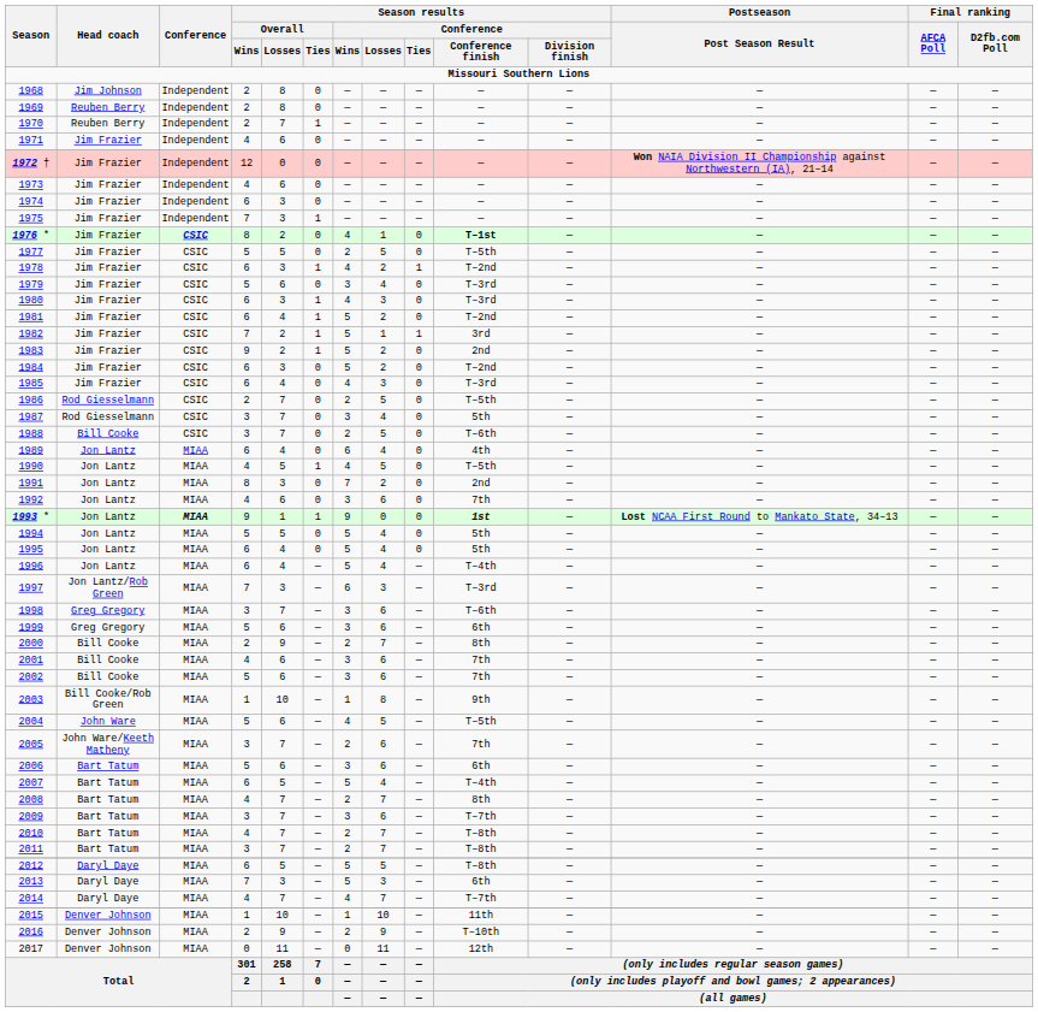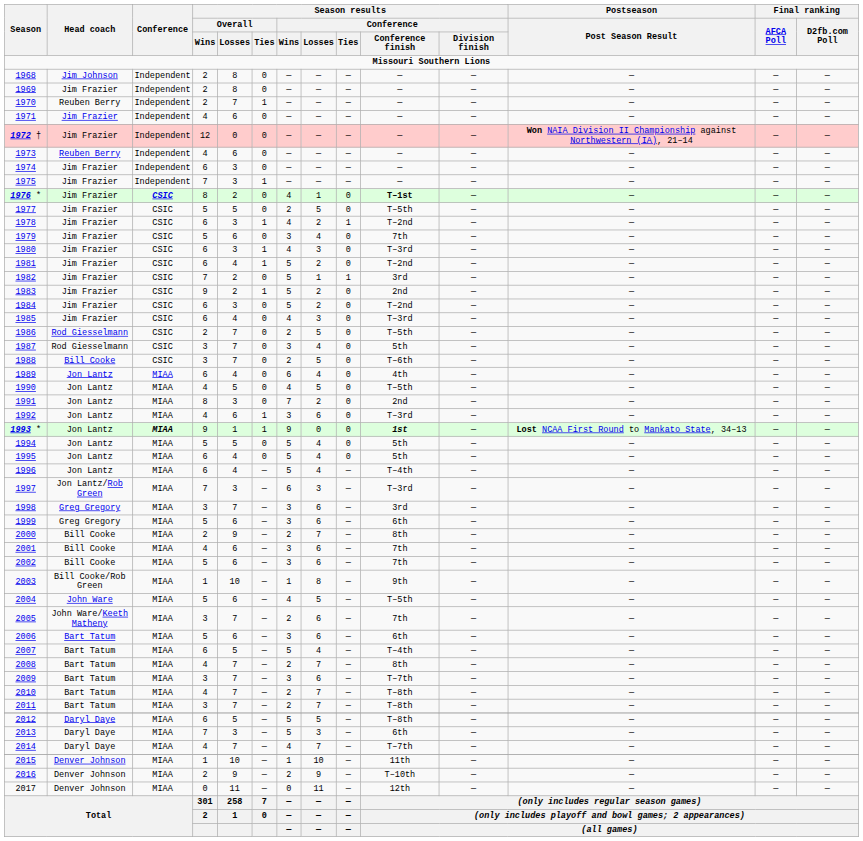 <table class="wikitable" style="font-size: 95%; width:98%; text-align:center;">
 <tr>
 <th rowspan="3" style="width:5%;">Season</th>
 <th rowspan="3" style="width:10%;">Head coach</th>
 <th rowspan="3" style="width:5%;">Conference</th>
 <th colspan="8">Season results</th>
 <th colspan="1">Postseason</th>
 <th colspan="2">Final ranking</th>
 </tr>
 <tr>
 <th colspan="3">Overall</th>
 <th colspan="5">Conference</th>
 <th rowspan="2">Post Season Result</th>
 <th rowspan="2"><a href='#'>AFCA Poll</a></th>
 <th rowspan="2">D2fb.com Poll</th>
 </tr>
 <tr>
 <th>Wins</th>
 <th>Losses</th>
 <th>Ties</th>
 <th>Wins</th>
 <th>Losses</th>
 <th>Ties</th>
 <th>Conference finish</th>
 <th>Division finish</th>
 </tr>
 <tr>
 <td Colspan="15"><strong>Missouri Southern Lions</strong></td>
 </tr>
 <tr>
 <td><a href='#'>1968</a></td>
 <td><a href='#'>Jim Johnson</a></td>
 <td>Independent</td>
 <td>2</td>
 <td>8</td>
 <td>0</td>
 <td>—</td>
 <td>—</td>
 <td>—</td>
 <td>—</td>
 <td>—</td>
 <td>—</td>
 <td>—</td>
 <td>—</td>
 </tr>
 <tr>
 <td><a href='#'>1969</a></td>
-<td><a href='#'>Reuben Berry</a></td>
+<td>Jim Frazier</td>
 <td>Independent</td>
 <td>2</td>
 <td>8</td>
 <td>0</td>
 <td>—</td>
 <td>—</td>
 <td>—</td>
 <td>—</td>
 <td>—</td>
 <td>—</td>
 <td>—</td>
 <td>—</td>
 </tr>
 <tr>
 <td><a href='#'>1970</a></td>
 <td>Reuben Berry</td>
 <td>Independent</td>
 <td>2</td>
 <td>7</td>
 <td>1</td>
 <td>—</td>
 <td>—</td>
 <td>—</td>
 <td>—</td>
 <td>—</td>
 <td>—</td>
 <td>—</td>
 <td>—</td>
 </tr>
 <tr>
 <td><a href='#'>1971</a></td>
 <td><a href='#'>Jim Frazier</a></td>
 <td>Independent</td>
 <td>4</td>
 <td>6</td>
 <td>0</td>
 <td>—</td>
 <td>—</td>
 <td>—</td>
 <td>—</td>
 <td>—</td>
 <td>—</td>
 <td>—</td>
 <td>—</td>
 </tr>
 <tr>
 <td style="background: #FFCCCC;"><a href='#'><strong><em>1972</em></strong></a> †</td>
 <td style="background: #FFCCCC;">Jim Frazier</td>
 <td style="background: #FFCCCC;">Independent</td>
 <td style="background: #FFCCCC;">12</td>
 <td style="background: #FFCCCC;">0</td>
 <td style="background: #FFCCCC;">0</td>
 <td style="background: #FFCCCC;">—</td>
 <td style="background: #FFCCCC;">—</td>
 <td style="background: #FFCCCC;">—</td>
 <td style="background: #FFCCCC;">—</td>
 <td style="background: #FFCCCC;">—</td>
 <td style="background: #FFCCCC;"><strong>Won</strong> <a href='#'>NAIA Division II Championship</a> against <a href='#'>Northwestern (IA)</a>, 21–14</td>
 <td style="background: #FFCCCC;">—</td>
 <td style="background: #FFCCCC;">—</td>
 </tr>
 <tr>
 <td><a href='#'>1973</a></td>
-<td>Jim Frazier</td>
+<td><a href='#'>Reuben Berry</a></td>
 <td>Independent</td>
 <td>4</td>
 <td>6</td>
 <td>0</td>
 <td>—</td>
 <td>—</td>
 <td>—</td>
 <td>—</td>
 <td>—</td>
 <td>—</td>
 <td>—</td>
 <td>—</td>
 </tr>
 <tr>
 <td><a href='#'>1974</a></td>
 <td>Jim Frazier</td>
 <td>Independent</td>
 <td>6</td>
 <td>3</td>
 <td>0</td>
 <td>—</td>
 <td>—</td>
 <td>—</td>
 <td>—</td>
 <td>—</td>
 <td>—</td>
 <td>—</td>
 <td>—</td>
 </tr>
 <tr>
 <td><a href='#'>1975</a></td>
 <td>Jim Frazier</td>
 <td>Independent</td>
 <td>7</td>
 <td>3</td>
 <td>1</td>
 <td>—</td>
 <td>—</td>
 <td>—</td>
 <td>—</td>
 <td>—</td>
 <td>—</td>
 <td>—</td>
 <td>—</td>
 </tr>
 <tr>
 <td style="background: #ddffdd;"><a href='#'><strong><em>1976</em></strong></a> *</td>
 <td style="background: #ddffdd;">Jim Frazier</td>
 <td style="background: #ddffdd;"><a href='#'><strong><em>CSIC</em></strong></a></td>
 <td style="background: #ddffdd;">8</td>
 <td style="background: #ddffdd;">2</td>
 <td style="background: #ddffdd;">0</td>
 <td style="background: #ddffdd;">4</td>
 <td style="background: #ddffdd;">1</td>
 <td style="background: #ddffdd;">0</td>
 <td style="background: #ddffdd;"><strong>T–1st</strong></td>
 <td style="background: #ddffdd;">—</td>
 <td style="background: #ddffdd;">—</td>
 <td style="background: #ddffdd;">—</td>
 <td style="background: #ddffdd;">—</td>
 </tr>
 <tr>
 <td><a href='#'>1977</a></td>
 <td>Jim Frazier</td>
 <td>CSIC</td>
 <td>5</td>
 <td>5</td>
 <td>0</td>
 <td>2</td>
 <td>5</td>
 <td>0</td>
 <td>T–5th</td>
 <td>—</td>
 <td>—</td>
 <td>—</td>
 <td>—</td>
 </tr>
 <tr>
 <td><a href='#'>1978</a></td>
 <td>Jim Frazier</td>
 <td>CSIC</td>
 <td>6</td>
 <td>3</td>
 <td>1</td>
 <td>4</td>
 <td>2</td>
 <td>1</td>
 <td>T–2nd</td>
 <td>—</td>
 <td>—</td>
 <td>—</td>
 <td>—</td>
 </tr>
 <tr>
 <td><a href='#'>1979</a></td>
 <td>Jim Frazier</td>
 <td>CSIC</td>
 <td>5</td>
 <td>6</td>
 <td>0</td>
 <td>3</td>
 <td>4</td>
 <td>0</td>
-<td>T–3rd</td>
+<td>7th</td>
 <td>—</td>
 <td>—</td>
 <td>—</td>
 <td>—</td>
 </tr>
 <tr>
 <td><a href='#'>1980</a></td>
 <td>Jim Frazier</td>
 <td>CSIC</td>
 <td>6</td>
 <td>3</td>
 <td>1</td>
 <td>4</td>
 <td>3</td>
 <td>0</td>
 <td>T–3rd</td>
 <td>—</td>
 <td>—</td>
 <td>—</td>
 <td>—</td>
 </tr>
 <tr>
 <td><a href='#'>1981</a></td>
 <td>Jim Frazier</td>
 <td>CSIC</td>
 <td>6</td>
 <td>4</td>
 <td>1</td>
 <td>5</td>
 <td>2</td>
 <td>0</td>
 <td>T–2nd</td>
 <td>—</td>
 <td>—</td>
 <td>—</td>
 <td>—</td>
 </tr>
 <tr>
 <td><a href='#'>1982</a></td>
 <td>Jim Frazier</td>
 <td>CSIC</td>
 <td>7</td>
 <td>2</td>
-<td>1</td>
+<td>0</td>
 <td>5</td>
 <td>1</td>
 <td>1</td>
 <td>3rd</td>
 <td>—</td>
 <td>—</td>
 <td>—</td>
 <td>—</td>
 </tr>
 <tr>
 <td><a href='#'>1983</a></td>
 <td>Jim Frazier</td>
 <td>CSIC</td>
 <td>9</td>
 <td>2</td>
 <td>1</td>
 <td>5</td>
 <td>2</td>
 <td>0</td>
 <td>2nd</td>
 <td>—</td>
 <td>—</td>
 <td>—</td>
 <td>—</td>
 </tr>
 <tr>
 <td><a href='#'>1984</a></td>
 <td>Jim Frazier</td>
 <td>CSIC</td>
 <td>6</td>
 <td>3</td>
 <td>0</td>
 <td>5</td>
 <td>2</td>
 <td>0</td>
 <td>T–2nd</td>
 <td>—</td>
 <td>—</td>
 <td>—</td>
 <td>—</td>
 </tr>
 <tr>
 <td><a href='#'>1985</a></td>
 <td>Jim Frazier</td>
 <td>CSIC</td>
 <td>6</td>
 <td>4</td>
 <td>0</td>
 <td>4</td>
 <td>3</td>
 <td>0</td>
 <td>T–3rd</td>
 <td>—</td>
 <td>—</td>
 <td>—</td>
 <td>—</td>
 </tr>
 <tr>
 <td><a href='#'>1986</a></td>
 <td><a href='#'>Rod Giesselmann</a></td>
 <td>CSIC</td>
 <td>2</td>
 <td>7</td>
 <td>0</td>
 <td>2</td>
 <td>5</td>
 <td>0</td>
 <td>T–5th</td>
 <td>—</td>
 <td>—</td>
 <td>—</td>
 <td>—</td>
 </tr>
 <tr>
 <td><a href='#'>1987</a></td>
 <td>Rod Giesselmann</td>
 <td>CSIC</td>
 <td>3</td>
 <td>7</td>
 <td>0</td>
 <td>3</td>
 <td>4</td>
 <td>0</td>
 <td>5th</td>
 <td>—</td>
 <td>—</td>
 <td>—</td>
 <td>—</td>
 </tr>
 <tr>
 <td><a href='#'>1988</a></td>
 <td><a href='#'>Bill Cooke</a></td>
 <td>CSIC</td>
 <td>3</td>
 <td>7</td>
 <td>0</td>
 <td>2</td>
 <td>5</td>
 <td>0</td>
 <td>T–6th</td>
 <td>—</td>
 <td>—</td>
 <td>—</td>
 <td>—</td>
 </tr>
 <tr>
 <td><a href='#'>1989</a></td>
 <td><a href='#'>Jon Lantz</a></td>
 <td><a href='#'>MIAA</a></td>
 <td>6</td>
 <td>4</td>
 <td>0</td>
 <td>6</td>
 <td>4</td>
 <td>0</td>
 <td>4th</td>
 <td>—</td>
 <td>—</td>
 <td>—</td>
 <td>—</td>
 </tr>
 <tr>
 <td><a href='#'>1990</a></td>
 <td>Jon Lantz</td>
 <td>MIAA</td>
 <td>4</td>
 <td>5</td>
-<td>1</td>
+<td>0</td>
 <td>4</td>
 <td>5</td>
 <td>0</td>
 <td>T–5th</td>
 <td>—</td>
 <td>—</td>
 <td>—</td>
 <td>—</td>
 </tr>
 <tr>
 <td><a href='#'>1991</a></td>
 <td>Jon Lantz</td>
 <td>MIAA</td>
 <td>8</td>
 <td>3</td>
 <td>0</td>
 <td>7</td>
 <td>2</td>
 <td>0</td>
 <td>2nd</td>
 <td>—</td>
 <td>—</td>
 <td>—</td>
 <td>—</td>
 </tr>
 <tr>
 <td><a href='#'>1992</a></td>
 <td>Jon Lantz</td>
 <td>MIAA</td>
 <td>4</td>
 <td>6</td>
-<td>0</td>
+<td>1</td>
 <td>3</td>
 <td>6</td>
 <td>0</td>
-<td>7th</td>
+<td>T–3rd</td>
 <td>—</td>
 <td>—</td>
 <td>—</td>
 <td>—</td>
 </tr>
 <tr>
 <td style="background: #ddffdd;"><a href='#'><strong><em>1993</em></strong></a> *</td>
 <td style="background: #ddffdd;">Jon Lantz</td>
 <td style="background: #ddffdd;"><strong><em>MIAA</em></strong></td>
 <td style="background: #ddffdd;">9</td>
 <td style="background: #ddffdd;">1</td>
 <td style="background: #ddffdd;">1</td>
 <td style="background: #ddffdd;">9</td>
 <td style="background: #ddffdd;">0</td>
 <td style="background: #ddffdd;">0</td>
 <td style="background: #ddffdd;"><strong><em>1st</em></strong></td>
 <td style="background: #ddffdd;">—</td>
 <td style="background: #ddffdd;"><strong>Lost</strong> <a href='#'>NCAA First Round</a> to <a href='#'>Mankato State</a>, 34–13</td>
 <td style="background: #ddffdd;">—</td>
 <td style="background: #ddffdd;">—</td>
 </tr>
 <tr>
 <td><a href='#'>1994</a></td>
 <td>Jon Lantz</td>
 <td>MIAA</td>
 <td>5</td>
 <td>5</td>
 <td>0</td>
 <td>5</td>
 <td>4</td>
 <td>0</td>
 <td>5th</td>
 <td>—</td>
 <td>—</td>
 <td>—</td>
 <td>—</td>
 </tr>
 <tr>
 <td><a href='#'>1995</a></td>
 <td>Jon Lantz</td>
 <td>MIAA</td>
 <td>6</td>
 <td>4</td>
 <td>0</td>
 <td>5</td>
 <td>4</td>
 <td>0</td>
 <td>5th</td>
 <td>—</td>
 <td>—</td>
 <td>—</td>
 <td>—</td>
 </tr>
 <tr>
 <td><a href='#'>1996</a></td>
 <td>Jon Lantz</td>
 <td>MIAA</td>
 <td>6</td>
 <td>4</td>
 <td>—</td>
 <td>5</td>
 <td>4</td>
 <td>—</td>
 <td>T–4th</td>
 <td>—</td>
 <td>—</td>
 <td>—</td>
 <td>—</td>
 </tr>
 <tr>
 <td><a href='#'>1997</a></td>
 <td>Jon Lantz/<a href='#'>Rob Green</a></td>
 <td>MIAA</td>
 <td>7</td>
 <td>3</td>
 <td>—</td>
 <td>6</td>
 <td>3</td>
 <td>—</td>
 <td>T–3rd</td>
 <td>—</td>
 <td>—</td>
 <td>—</td>
 <td>—</td>
 </tr>
 <tr>
 <td><a href='#'>1998</a></td>
 <td><a href='#'>Greg Gregory</a></td>
 <td>MIAA</td>
 <td>3</td>
 <td>7</td>
 <td>—</td>
 <td>3</td>
 <td>6</td>
 <td>—</td>
-<td>T–6th</td>
+<td>3rd</td>
 <td>—</td>
 <td>—</td>
 <td>—</td>
 <td>—</td>
 </tr>
 <tr>
 <td><a href='#'>1999</a></td>
 <td>Greg Gregory</td>
 <td>MIAA</td>
 <td>5</td>
 <td>6</td>
 <td>—</td>
 <td>3</td>
 <td>6</td>
 <td>—</td>
 <td>6th</td>
 <td>—</td>
 <td>—</td>
 <td>—</td>
 <td>—</td>
 </tr>
 <tr>
 <td><a href='#'>2000</a></td>
 <td>Bill Cooke</td>
 <td>MIAA</td>
 <td>2</td>
 <td>9</td>
 <td>—</td>
 <td>2</td>
 <td>7</td>
 <td>—</td>
 <td>8th</td>
 <td>—</td>
 <td>—</td>
 <td>—</td>
 <td>—</td>
 </tr>
 <tr>
 <td><a href='#'>2001</a></td>
 <td>Bill Cooke</td>
 <td>MIAA</td>
 <td>4</td>
 <td>6</td>
 <td>—</td>
 <td>3</td>
 <td>6</td>
 <td>—</td>
 <td>7th</td>
 <td>—</td>
 <td>—</td>
 <td>—</td>
 <td>—</td>
 </tr>
 <tr>
 <td><a href='#'>2002</a></td>
 <td>Bill Cooke</td>
 <td>MIAA</td>
 <td>5</td>
 <td>6</td>
 <td>—</td>
 <td>3</td>
 <td>6</td>
 <td>—</td>
 <td>7th</td>
 <td>—</td>
 <td>—</td>
 <td>—</td>
 <td>—</td>
 </tr>
 <tr>
 <td><a href='#'>2003</a></td>
 <td>Bill Cooke/Rob Green</td>
 <td>MIAA</td>
 <td>1</td>
 <td>10</td>
 <td>—</td>
 <td>1</td>
 <td>8</td>
 <td>—</td>
 <td>9th</td>
 <td>—</td>
 <td>—</td>
 <td>—</td>
 <td>—</td>
 </tr>
 <tr>
 <td><a href='#'>2004</a></td>
 <td><a href='#'>John Ware</a></td>
 <td>MIAA</td>
 <td>5</td>
 <td>6</td>
 <td>—</td>
 <td>4</td>
 <td>5</td>
 <td>—</td>
 <td>T–5th</td>
 <td>—</td>
 <td>—</td>
 <td>—</td>
 <td>—</td>
 </tr>
 <tr>
 <td><a href='#'>2005</a></td>
 <td>John Ware/<a href='#'>Keeth Matheny</a></td>
 <td>MIAA</td>
 <td>3</td>
 <td>7</td>
 <td>—</td>
 <td>2</td>
 <td>6</td>
 <td>—</td>
 <td>7th</td>
 <td>—</td>
 <td>—</td>
 <td>—</td>
 <td>—</td>
 </tr>
 <tr>
 <td><a href='#'>2006</a></td>
 <td><a href='#'>Bart Tatum</a></td>
 <td>MIAA</td>
 <td>5</td>
 <td>6</td>
 <td>—</td>
 <td>3</td>
 <td>6</td>
 <td>—</td>
 <td>6th</td>
 <td>—</td>
 <td>—</td>
 <td>—</td>
 <td>—</td>
 </tr>
 <tr>
 <td><a href='#'>2007</a></td>
 <td>Bart Tatum</td>
 <td>MIAA</td>
 <td>6</td>
 <td>5</td>
 <td>—</td>
 <td>5</td>
 <td>4</td>
 <td>—</td>
 <td>T–4th</td>
 <td>—</td>
 <td>—</td>
 <td>—</td>
 <td>—</td>
 </tr>
 <tr>
 <td><a href='#'>2008</a></td>
 <td>Bart Tatum</td>
 <td>MIAA</td>
 <td>4</td>
 <td>7</td>
 <td>—</td>
 <td>2</td>
 <td>7</td>
 <td>—</td>
 <td>8th</td>
 <td>—</td>
 <td>—</td>
 <td>—</td>
 <td>—</td>
 </tr>
 <tr>
 <td><a href='#'>2009</a></td>
 <td>Bart Tatum</td>
 <td>MIAA</td>
 <td>3</td>
 <td>7</td>
 <td>—</td>
 <td>3</td>
 <td>6</td>
 <td>—</td>
 <td>T–7th</td>
 <td>—</td>
 <td>—</td>
 <td>—</td>
 <td>—</td>
 </tr>
 <tr>
 <td><a href='#'>2010</a></td>
 <td>Bart Tatum</td>
 <td>MIAA</td>
 <td>4</td>
 <td>7</td>
 <td>—</td>
 <td>2</td>
 <td>7</td>
 <td>—</td>
 <td>T–8th</td>
 <td>—</td>
 <td>—</td>
 <td>—</td>
 <td>—</td>
 </tr>
 <tr>
 <td><a href='#'>2011</a></td>
 <td>Bart Tatum</td>
 <td>MIAA</td>
 <td>3</td>
 <td>7</td>
 <td>—</td>
 <td>2</td>
 <td>7</td>
 <td>—</td>
 <td>T–8th</td>
 <td>—</td>
 <td>—</td>
 <td>—</td>
 <td>—</td>
 </tr>
 <tr>
 </tr>
 <tr>
 <td><a href='#'>2012</a></td>
 <td><a href='#'>Daryl Daye</a></td>
 <td>MIAA</td>
 <td>6</td>
 <td>5</td>
 <td>—</td>
 <td>5</td>
 <td>5</td>
 <td>—</td>
 <td>T–8th</td>
 <td>—</td>
 <td>—</td>
 <td>—</td>
 <td>—</td>
 </tr>
 <tr>
 <td><a href='#'>2013</a></td>
 <td>Daryl Daye</td>
 <td>MIAA</td>
 <td>7</td>
 <td>3</td>
 <td>—</td>
 <td>5</td>
 <td>3</td>
 <td>—</td>
 <td>6th</td>
 <td>—</td>
 <td>—</td>
 <td>—</td>
 <td>—</td>
 </tr>
 <tr>
 <td><a href='#'>2014</a></td>
 <td>Daryl Daye</td>
 <td>MIAA</td>
 <td>4</td>
 <td>7</td>
 <td>—</td>
 <td>4</td>
 <td>7</td>
 <td>—</td>
 <td>T–7th</td>
 <td>—</td>
 <td>—</td>
 <td>—</td>
 <td>—</td>
 </tr>
 <tr>
 </tr>
 <tr>
 <td><a href='#'>2015</a></td>
 <td><a href='#'>Denver Johnson</a></td>
 <td>MIAA</td>
 <td>1</td>
 <td>10</td>
 <td>—</td>
 <td>1</td>
 <td>10</td>
 <td>—</td>
 <td>11th</td>
 <td>—</td>
 <td>—</td>
 <td>—</td>
 <td>—</td>
 </tr>
 <tr>
 <td><a href='#'>2016</a></td>
 <td>Denver Johnson</td>
 <td>MIAA</td>
 <td>2</td>
 <td>9</td>
 <td>—</td>
 <td>2</td>
 <td>9</td>
 <td>—</td>
 <td>T–10th</td>
 <td>—</td>
 <td>—</td>
 <td>—</td>
 <td>—</td>
 </tr>
 <tr>
 <td>2017</td>
 <td>Denver Johnson</td>
 <td>MIAA</td>
 <td>0</td>
 <td>11</td>
 <td>—</td>
 <td>0</td>
 <td>11</td>
 <td>—</td>
 <td>12th</td>
 <td>—</td>
 <td>—</td>
 <td>—</td>
 <td>—</td>
 </tr>
 <tr>
 <th align="center" rowSpan="3" colSpan="3">Total</th>
 <th align="center">301</th>
 <th align="center">258</th>
 <th align="center">7</th>
 <th align="center">—</th>
 <th align="center">—</th>
 <th align="center">—</th>
 <th colSpan="6" align="center"><em>(only includes regular season games)</em></th>
 </tr>
 <tr>
 <th align="center">2</th>
 <th align="center">1</th>
 <th align="center">0</th>
 <th align="center">—</th>
 <th align="center">—</th>
 <th align="center">—</th>
 <th colSpan="6" align="center"><em>(only includes playoff and bowl games; 2 appearances)</em></th>
 </tr>
 <tr>
 <th align="center"></th>
 <th align="center"></th>
 <th align="center"></th>
 <th align="center">—</th>
 <th align="center">—</th>
 <th align="center">—</th>
 <th colSpan="6" align="center"><em>(all games)</em> </th>
 </tr>
 </table>
